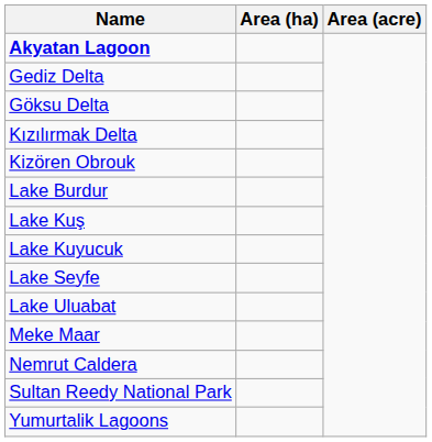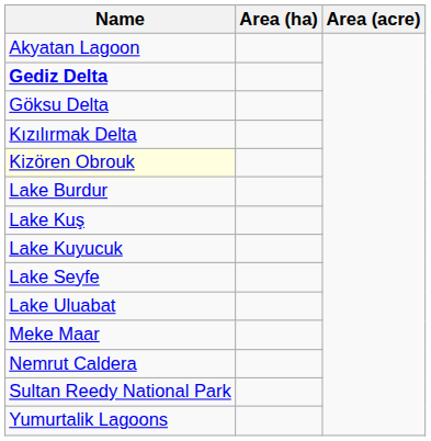 <table class="wikitable">
 <tr>
 <th scope="col" align=left>Name</th>
 <th scope="col">Area (ha)</th>
 <th scope="col">Area (acre)</th>
 </tr>
 <tr ---->
-<td><strong><a href='#'>Akyatan Lagoon</a></strong></td>
+<td><a href='#'>Akyatan Lagoon</a></td>
 <td></td>
 </tr>
 <tr ---->
-<td><a href='#'>Gediz Delta</a></td>
+<td><strong><a href='#'>Gediz Delta</a></strong></td>
 <td></td>
 </tr>
 <tr ---->
 <td><a href='#'>Göksu Delta</a></td>
 <td></td>
 </tr>
 <tr ---->
 <td><a href='#'>Kızılırmak Delta</a></td>
 <td></td>
 </tr>
 <tr ---->
-<td><a href='#'>Kizören Obrouk</a></td>
+<td style="background: lightyellow;"><a href='#'>Kizören Obrouk</a></td>
 <td></td>
 </tr>
 <tr ---->
 <td><a href='#'>Lake Burdur</a></td>
 <td></td>
 </tr>
 <tr ---->
 <td><a href='#'>Lake Kuş</a></td>
 <td></td>
 </tr>
 <tr ---->
 <td><a href='#'>Lake Kuyucuk</a></td>
 <td></td>
 </tr>
 <tr ---->
 <td><a href='#'>Lake Seyfe</a></td>
 <td></td>
 </tr>
 <tr ---->
 <td><a href='#'>Lake Uluabat</a></td>
 <td></td>
 </tr>
 <tr ---->
 <td><a href='#'>Meke Maar</a></td>
 <td></td>
 </tr>
 <tr ---->
 <td><a href='#'>Nemrut Caldera</a></td>
 <td></td>
 </tr>
 <tr ---->
 <td><a href='#'>Sultan Reedy National Park</a></td>
 <td></td>
 </tr>
 <tr ---->
 <td><a href='#'>Yumurtalik Lagoons</a></td>
 <td></td>
 </tr>
 </table>
